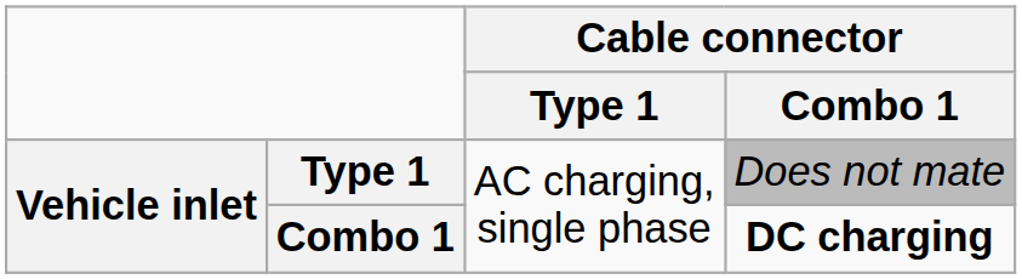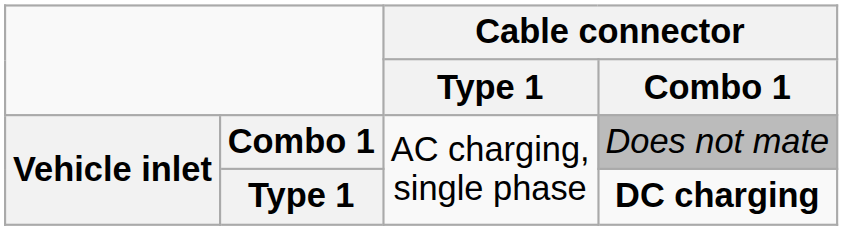 <table class="wikitable" style="text-align:center;font-size:100%;float:left;">
 <tr>
 <td rowspan=2 colspan=2> </td>
 <th colspan=2>Cable connector</th>
 </tr>
 <tr>
 <th>Type 1</th>
 <th>Combo 1</th>
 </tr>
 <tr>
 <th rowspan=2>Vehicle inlet</th>
-<th>Type 1</th>
+<th>Combo 1</th>
 <td rowspan=2>AC charging,<br>single phase</td>
 <td style="background:#bbb;"><em>Does not mate</em></td>
 </tr>
 <tr>
-<th>Combo 1</th>
+<th>Type 1</th>
 <td><strong>DC charging</strong></td>
 </tr>
 </table>
